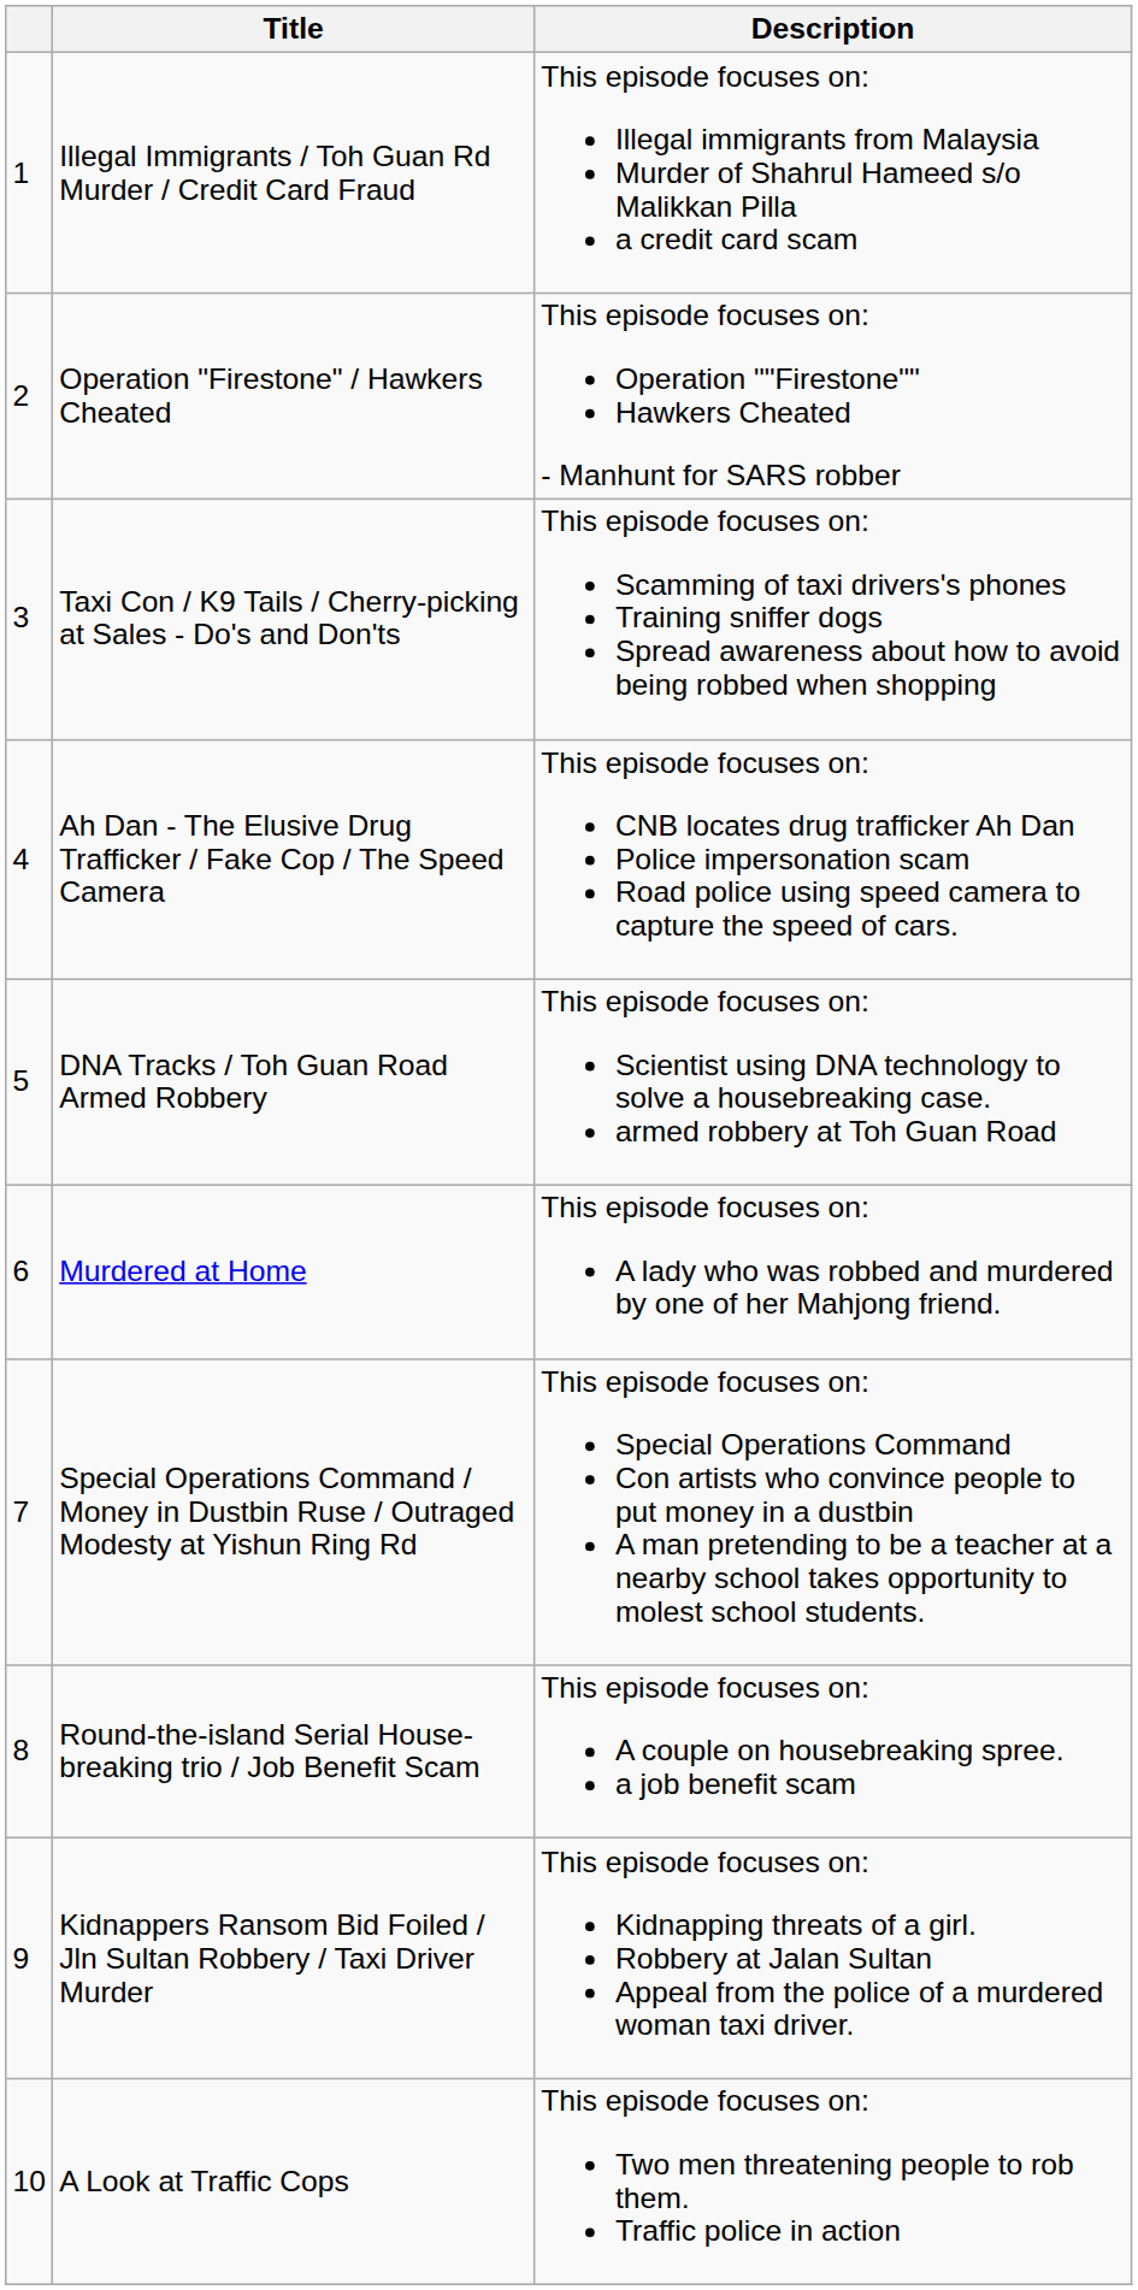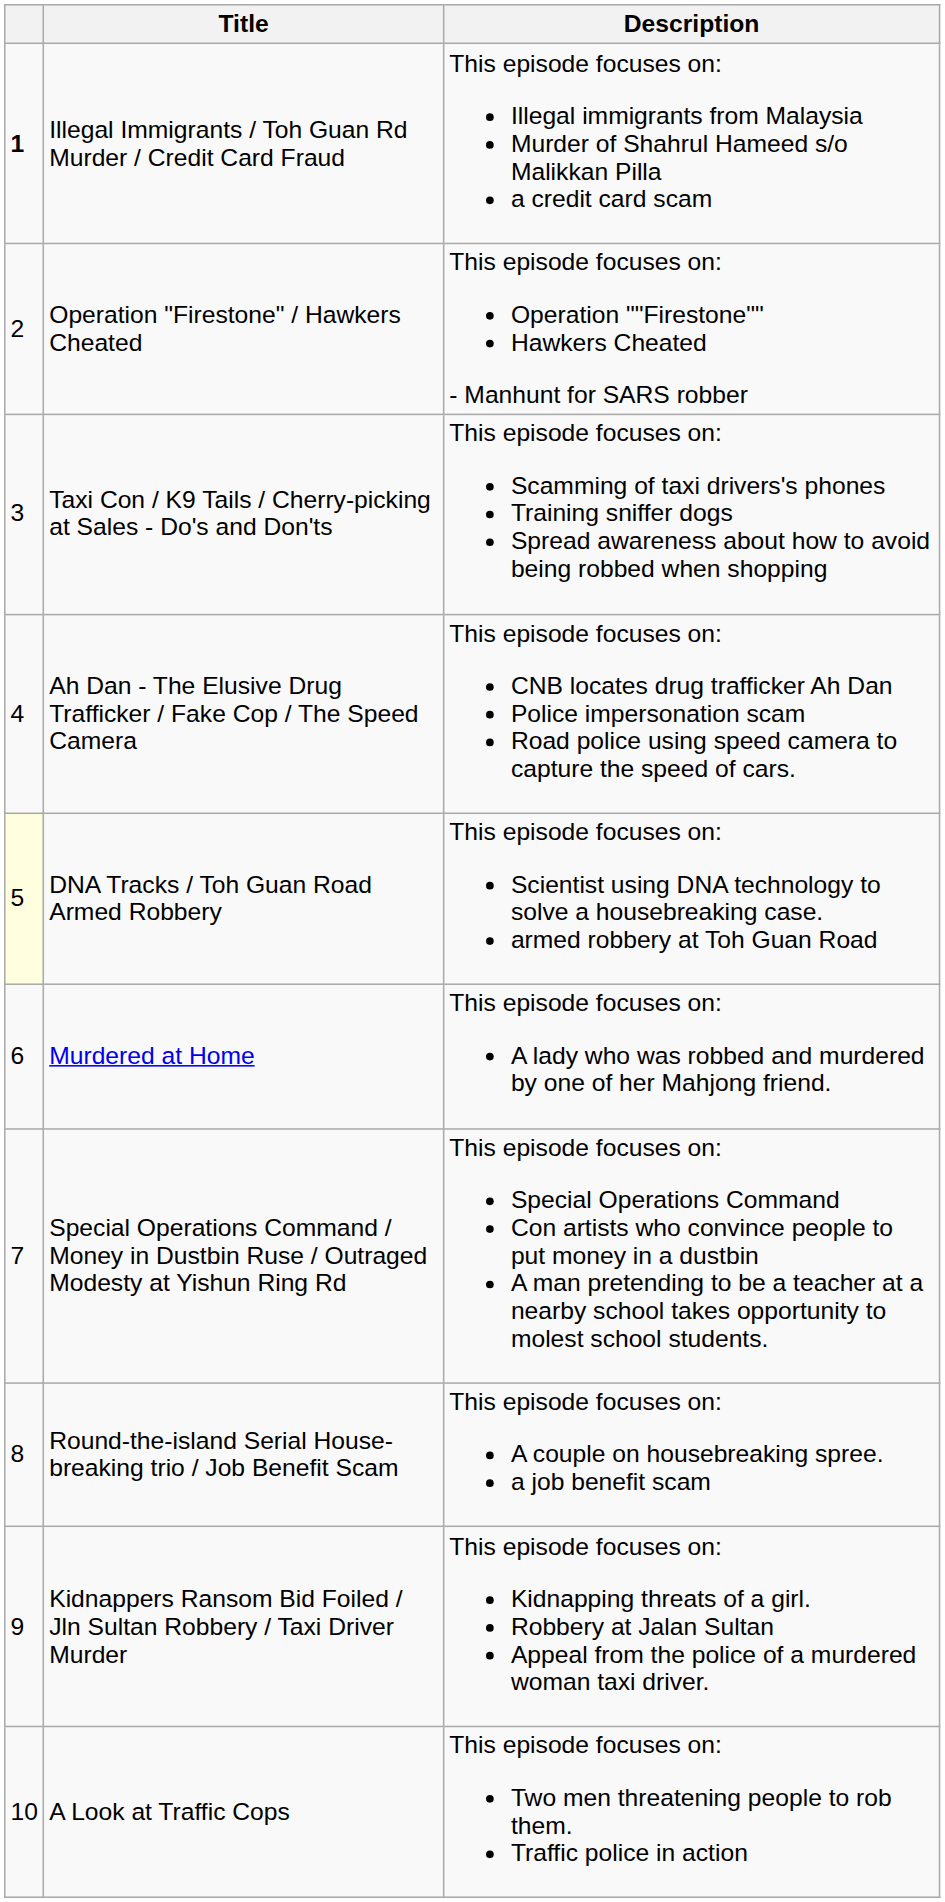 <table class="wikitable">
 <tr>
 <th></th>
 <th>Title</th>
 <th>Description</th>
 </tr>
 <tr>
-<td>1</td>
+<td><strong>1</strong></td>
 <td>Illegal Immigrants / Toh Guan Rd Murder / Credit Card Fraud</td>
 <td>This episode focuses on:<br><ul><li>Illegal immigrants from Malaysia</li><li>Murder of Shahrul Hameed s/o Malikkan Pilla</li><li>a credit card scam</li></ul></td>
 </tr>
 <tr>
 <td>2</td>
 <td>Operation "Firestone" / Hawkers Cheated</td>
 <td>This episode focuses on:<br><ul><li>Operation ""Firestone""</li><li>Hawkers Cheated</li></ul>- Manhunt for SARS robber</td>
 </tr>
 <tr>
 <td>3</td>
 <td>Taxi Con / K9 Tails / Cherry-picking at Sales - Do's and Don'ts</td>
 <td>This episode focuses on:<br><ul><li>Scamming of taxi drivers's phones</li><li>Training sniffer dogs</li><li>Spread awareness about how to avoid being robbed when shopping</li></ul></td>
 </tr>
 <tr>
 <td>4</td>
 <td>Ah Dan - The Elusive Drug Trafficker / Fake Cop / The Speed Camera</td>
 <td>This episode focuses on:<br><ul><li>CNB locates drug trafficker Ah Dan</li><li>Police impersonation scam</li><li>Road police using speed camera to capture the speed of cars.</li></ul></td>
 </tr>
 <tr>
-<td>5</td>
+<td style="background: lightyellow;">5</td>
 <td>DNA Tracks / Toh Guan Road Armed Robbery</td>
 <td>This episode focuses on:<br><ul><li>Scientist using DNA technology to solve a housebreaking case.</li><li>armed robbery at Toh Guan Road</li></ul></td>
 </tr>
 <tr>
 <td>6</td>
 <td><a href='#'>Murdered at Home</a></td>
 <td>This episode focuses on:<br><ul><li>A lady who was robbed and murdered by one of her Mahjong friend.</li></ul></td>
 </tr>
 <tr>
 <td>7</td>
 <td>Special Operations Command / Money in Dustbin Ruse / Outraged Modesty at Yishun Ring Rd</td>
 <td>This episode focuses on:<br><ul><li>Special Operations Command</li><li>Con artists who convince people to put money in a dustbin</li><li>A man pretending to be a teacher at a nearby school takes opportunity to molest school students.</li></ul></td>
 </tr>
 <tr>
 <td>8</td>
 <td>Round-the-island Serial House-breaking trio / Job Benefit Scam</td>
 <td>This episode focuses on:<br><ul><li>A couple on housebreaking spree.</li><li>a job benefit scam</li></ul></td>
 </tr>
 <tr>
 <td>9</td>
 <td>Kidnappers Ransom Bid Foiled / Jln Sultan Robbery / Taxi Driver Murder</td>
 <td>This episode focuses on:<br><ul><li>Kidnapping threats of a girl.</li><li>Robbery at Jalan Sultan</li><li>Appeal from the police of a murdered woman taxi driver.</li></ul></td>
 </tr>
 <tr>
 <td>10</td>
 <td>A Look at Traffic Cops</td>
 <td>This episode focuses on:<br><ul><li>Two men threatening people to rob them.</li><li>Traffic police in action</li></ul></td>
 </tr>
 <tr>
 </tr>
 </table>
